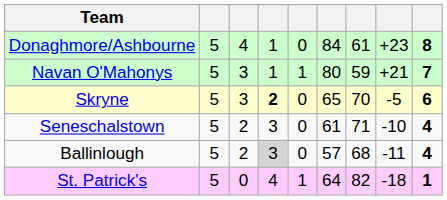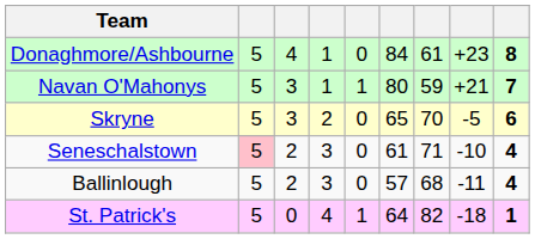 <table class="wikitable" style="text-align:center">
 <tr>
 <th style="width:175px;">Team</th>
 <th width="20"></th>
 <th width="20"></th>
 <th width="20"></th>
 <th width="20"></th>
 <th width="20"></th>
 <th width="20"></th>
 <th width="20"></th>
 <th width="20"></th>
 </tr>
 <tr style="background:#cfc;">
 <td><a href='#'>Donaghmore/Ashbourne</a></td>
 <td>5</td>
 <td>4</td>
 <td>1</td>
 <td>0</td>
 <td>84</td>
 <td>61</td>
 <td>+23</td>
 <td><strong>8</strong></td>
 </tr>
 <tr style="background:#cfc;">
 <td><a href='#'>Navan O'Mahonys</a></td>
 <td>5</td>
 <td>3</td>
 <td>1</td>
 <td>1</td>
 <td>80</td>
 <td>59</td>
 <td>+21</td>
 <td><strong>7</strong></td>
 </tr>
 <tr style="background:#ffffcc;">
 <td><a href='#'>Skryne</a></td>
 <td>5</td>
 <td>3</td>
-<td><strong>2</strong></td>
+<td>2</td>
 <td>0</td>
 <td>65</td>
 <td>70</td>
 <td>-5</td>
 <td><strong>6</strong></td>
 </tr>
 <tr>
 <td><a href='#'>Seneschalstown</a></td>
-<td>5</td>
+<td style="background: pink;">5</td>
 <td>2</td>
 <td>3</td>
 <td>0</td>
 <td>61</td>
 <td>71</td>
 <td>-10</td>
 <td><strong>4</strong></td>
 </tr>
 <tr>
 <td>Ballinlough</td>
 <td>5</td>
 <td>2</td>
-<td style="background: lightgrey;">3</td>
+<td>3</td>
 <td>0</td>
 <td>57</td>
 <td>68</td>
 <td>-11</td>
 <td><strong>4</strong></td>
 </tr>
 <tr style="background:#fcf;">
 <td><a href='#'>St. Patrick's</a></td>
 <td>5</td>
 <td>0</td>
 <td>4</td>
 <td>1</td>
 <td>64</td>
 <td>82</td>
 <td>-18</td>
 <td><strong>1</strong></td>
 </tr>
 </table>
